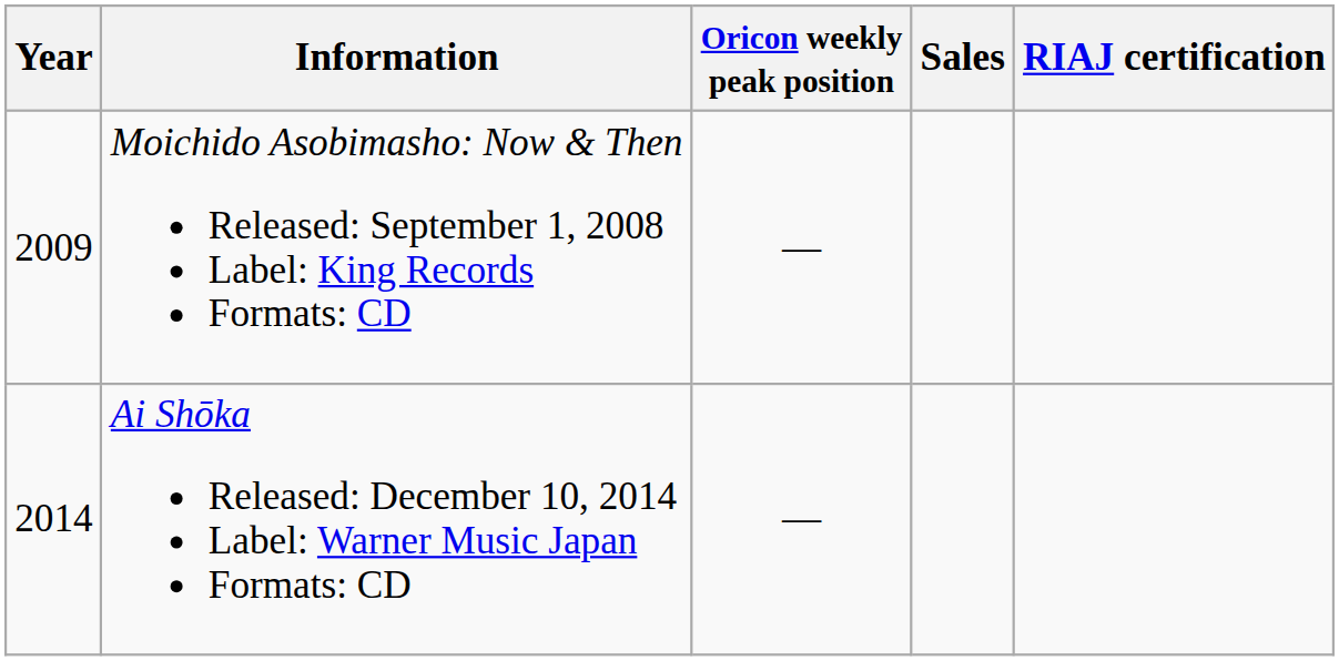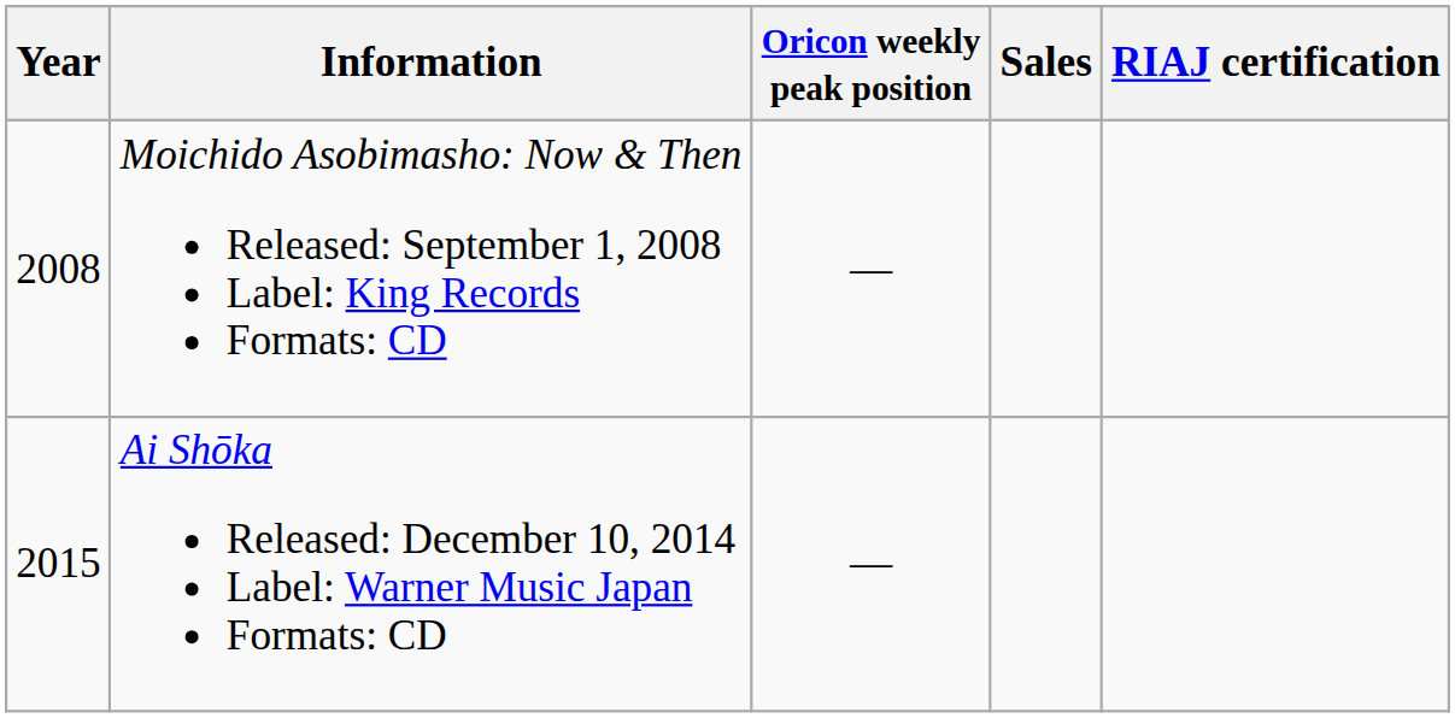 <table class="wikitable">
 <tr>
 <th>Year</th>
 <th>Information</th>
 <th><small><a href='#'>Oricon</a> weekly<br>peak position</small></th>
 <th>Sales<br></th>
 <th><a href='#'>RIAJ</a> certification</th>
 </tr>
 <tr>
-<td>2009</td>
+<td>2008</td>
 <td><em>Moichido Asobimasho: Now & Then</em><br><ul><li>Released: September 1, 2008</li><li>Label: <a href='#'>King Records</a></li><li>Formats: <a href='#'>CD</a></li></ul></td>
 <td style="text-align:center;">—</td>
 <td align="left"></td>
 <td align="left"></td>
 </tr>
 <tr>
-<td>2014</td>
+<td>2015</td>
 <td><em><a href='#'>Ai Shōka</a></em><br><ul><li>Released: December 10, 2014</li><li>Label: <a href='#'>Warner Music Japan</a></li><li>Formats: CD</li></ul></td>
 <td style="text-align:center;">—</td>
 <td align="left"></td>
 <td align="left"></td>
 </tr>
 </table>
